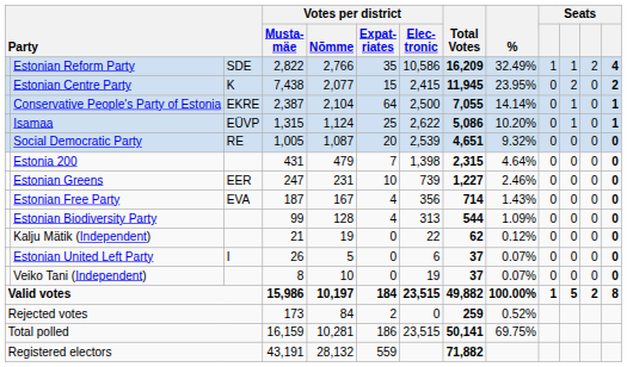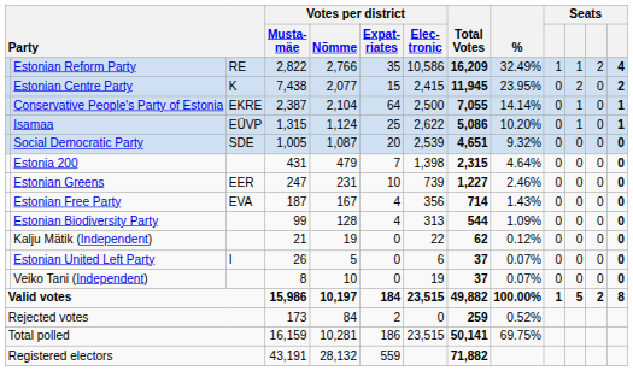 <table class="wikitable" border="1" style="text-align:right;">
 <tr>
 <th style="text-align:left;" valign=bottom rowspan=2 colspan=3>Party</th>
 <th colspan=4>Votes per district</th>
 <th align=center valign=bottom rowspan=2 width="50">Total Votes</th>
 <th align=center valign=bottom rowspan=2 width="50">%</th>
 <th colspan=4>Seats</th>
 </tr>
 <tr>
 <th align=center valign=bottom width="50"><a href='#'>Musta- mäe</a></th>
 <th align=center valign=bottom width="50"><a href='#'>Nõmme</a></th>
 <th align=center valign=bottom width="50"><a href='#'>Expat- riates</a></th>
 <th align=center valign=bottom width="50"><a href='#'>Elec- tronic</a></th>
 <th align=center valign=bottom width="20"><small></small></th>
 <th align=center valign=bottom width="20"><small></small></th>
 <th align=center valign=bottom width="20"><small></small></th>
 <th align=center valign=bottom width="20"><small></small></th>
 </tr>
 <tr style="background:#CEE0F2;">
 <td style="background:"></td>
 <td align=left><a href='#'>Estonian Reform Party</a></td>
-<td align=left>SDE</td>
+<td align=left>RE</td>
 <td>2,822</td>
 <td>2,766</td>
 <td>35</td>
 <td>10,586</td>
 <td><strong>16,209</strong></td>
 <td>32.49%</td>
 <td>1</td>
 <td>1</td>
 <td>2</td>
 <td><strong>4</strong></td>
 </tr>
 <tr style="background:#CEE0F2;">
 <td style="background:"></td>
 <td align=left><a href='#'>Estonian Centre Party</a></td>
 <td align=left>K</td>
 <td>7,438</td>
 <td>2,077</td>
 <td>15</td>
 <td>2,415</td>
 <td><strong>11,945</strong></td>
 <td>23.95%</td>
 <td>0</td>
 <td>2</td>
 <td>0</td>
 <td><strong>2</strong></td>
 </tr>
 <tr style="background:#CEE0F2;">
 <td style="background:"></td>
 <td align=left><a href='#'>Conservative People's Party of Estonia</a></td>
 <td align=left>EKRE</td>
 <td>2,387</td>
 <td>2,104</td>
 <td>64</td>
 <td>2,500</td>
 <td><strong>7,055</strong></td>
 <td>14.14%</td>
 <td>0</td>
 <td>1</td>
 <td>0</td>
 <td><strong>1</strong></td>
 </tr>
 <tr style="background:#CEE0F2;">
 <td style="background:"></td>
 <td align=left><a href='#'>Isamaa</a></td>
 <td align=left>EÜVP</td>
 <td>1,315</td>
 <td>1,124</td>
 <td>25</td>
 <td>2,622</td>
 <td><strong>5,086</strong></td>
 <td>10.20%</td>
 <td>0</td>
 <td>1</td>
 <td>0</td>
 <td><strong>1</strong></td>
 </tr>
 <tr style="background:#CEE0F2;">
 <td style="background:"></td>
 <td align=left><a href='#'>Social Democratic Party</a></td>
-<td align=left>RE</td>
+<td align=left>SDE</td>
 <td>1,005</td>
 <td>1,087</td>
 <td>20</td>
 <td>2,539</td>
 <td><strong>4,651</strong></td>
 <td>9.32%</td>
 <td>0</td>
 <td>0</td>
 <td>0</td>
 <td><strong>0</strong></td>
 </tr>
 <tr>
 <td style="background:"></td>
 <td align=left><a href='#'>Estonia 200</a></td>
 <td></td>
 <td>431</td>
 <td>479</td>
 <td>7</td>
 <td>1,398</td>
 <td><strong>2,315</strong></td>
 <td>4.64%</td>
 <td>0</td>
 <td>0</td>
 <td>0</td>
 <td><strong>0</strong></td>
 </tr>
 <tr>
 <td style="background:"></td>
 <td align=left><a href='#'>Estonian Greens</a></td>
 <td align=left>EER</td>
 <td>247</td>
 <td>231</td>
 <td>10</td>
 <td>739</td>
 <td><strong>1,227</strong></td>
 <td>2.46%</td>
 <td>0</td>
 <td>0</td>
 <td>0</td>
 <td><strong>0</strong></td>
 </tr>
 <tr>
 <td style="background:"></td>
 <td align=left><a href='#'>Estonian Free Party</a></td>
 <td align=left>EVA</td>
 <td>187</td>
 <td>167</td>
 <td>4</td>
 <td>356</td>
 <td><strong>714</strong></td>
 <td>1.43%</td>
 <td>0</td>
 <td>0</td>
 <td>0</td>
 <td><strong>0</strong></td>
 </tr>
 <tr>
 <td style="background:"></td>
 <td align=left><a href='#'>Estonian Biodiversity Party</a></td>
 <td></td>
 <td>99</td>
 <td>128</td>
 <td>4</td>
 <td>313</td>
 <td><strong>544</strong></td>
 <td>1.09%</td>
 <td>0</td>
 <td>0</td>
 <td>0</td>
 <td><strong>0</strong></td>
 </tr>
 <tr>
 <td style="background:"></td>
 <td align=left>Kalju Mätik (<a href='#'>Independent</a>)</td>
 <td></td>
 <td>21</td>
 <td>19</td>
 <td>0</td>
 <td>22</td>
 <td><strong>62</strong></td>
 <td>0.12%</td>
 <td>0</td>
 <td>0</td>
 <td>0</td>
 <td><strong>0</strong></td>
 </tr>
 <tr>
 <td style="background:"></td>
 <td align=left><a href='#'>Estonian United Left Party</a></td>
 <td align=left>I</td>
 <td>26</td>
 <td>5</td>
 <td>0</td>
 <td>6</td>
 <td><strong>37</strong></td>
 <td>0.07%</td>
 <td>0</td>
 <td>0</td>
 <td>0</td>
 <td><strong>0</strong></td>
 </tr>
 <tr>
 <td style="background:"></td>
 <td align=left>Veiko Tani (<a href='#'>Independent</a>)</td>
 <td></td>
 <td>8</td>
 <td>10</td>
 <td>0</td>
 <td>19</td>
 <td><strong>37</strong></td>
 <td>0.07%</td>
 <td>0</td>
 <td>0</td>
 <td>0</td>
 <td><strong>0</strong></td>
 </tr>
 <tr style="font-weight:bold">
 <td align=left colspan=3>Valid votes</td>
 <td>15,986</td>
 <td>10,197</td>
 <td>184</td>
 <td>23,515</td>
 <td>49,882</td>
 <td>100.00%</td>
 <td>1</td>
 <td>5</td>
 <td>2</td>
 <td>8</td>
 </tr>
 <tr>
 <td align=left colspan=3>Rejected votes</td>
 <td>173</td>
 <td>84</td>
 <td>2</td>
 <td>0</td>
 <td><strong>259</strong></td>
 <td>0.52%</td>
 <td></td>
 <td></td>
 <td></td>
 <td></td>
 </tr>
 <tr>
 <td align=left colspan=3>Total polled</td>
 <td>16,159</td>
 <td>10,281</td>
 <td>186</td>
 <td>23,515</td>
 <td><strong>50,141</strong></td>
 <td>69.75%</td>
 <td></td>
 <td></td>
 <td></td>
 <td></td>
 </tr>
 <tr>
 <td align=left colspan=3>Registered electors</td>
 <td>43,191</td>
 <td>28,132</td>
 <td>559</td>
 <td></td>
 <td><strong>71,882</strong></td>
 <td></td>
 <td></td>
 <td></td>
 <td></td>
 <td></td>
 </tr>
 </table>
